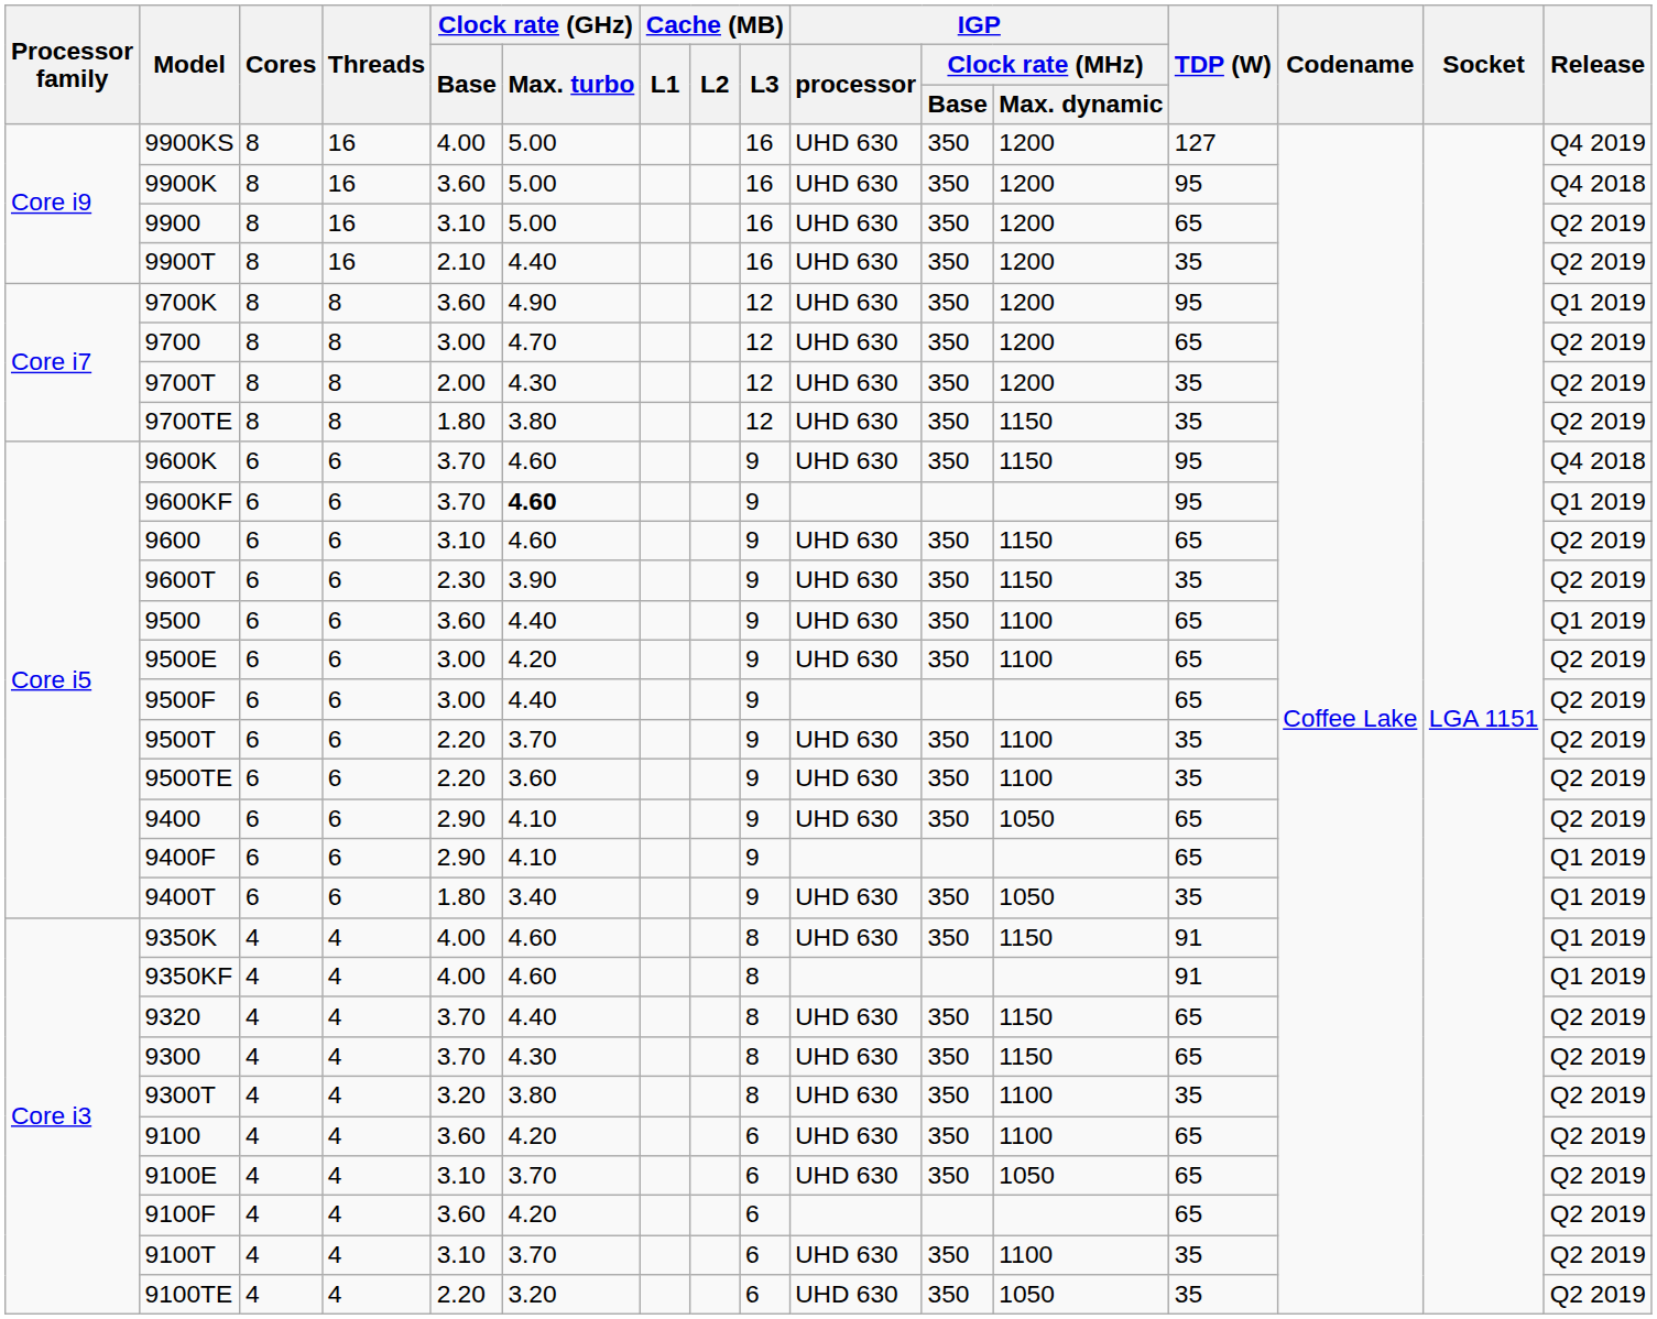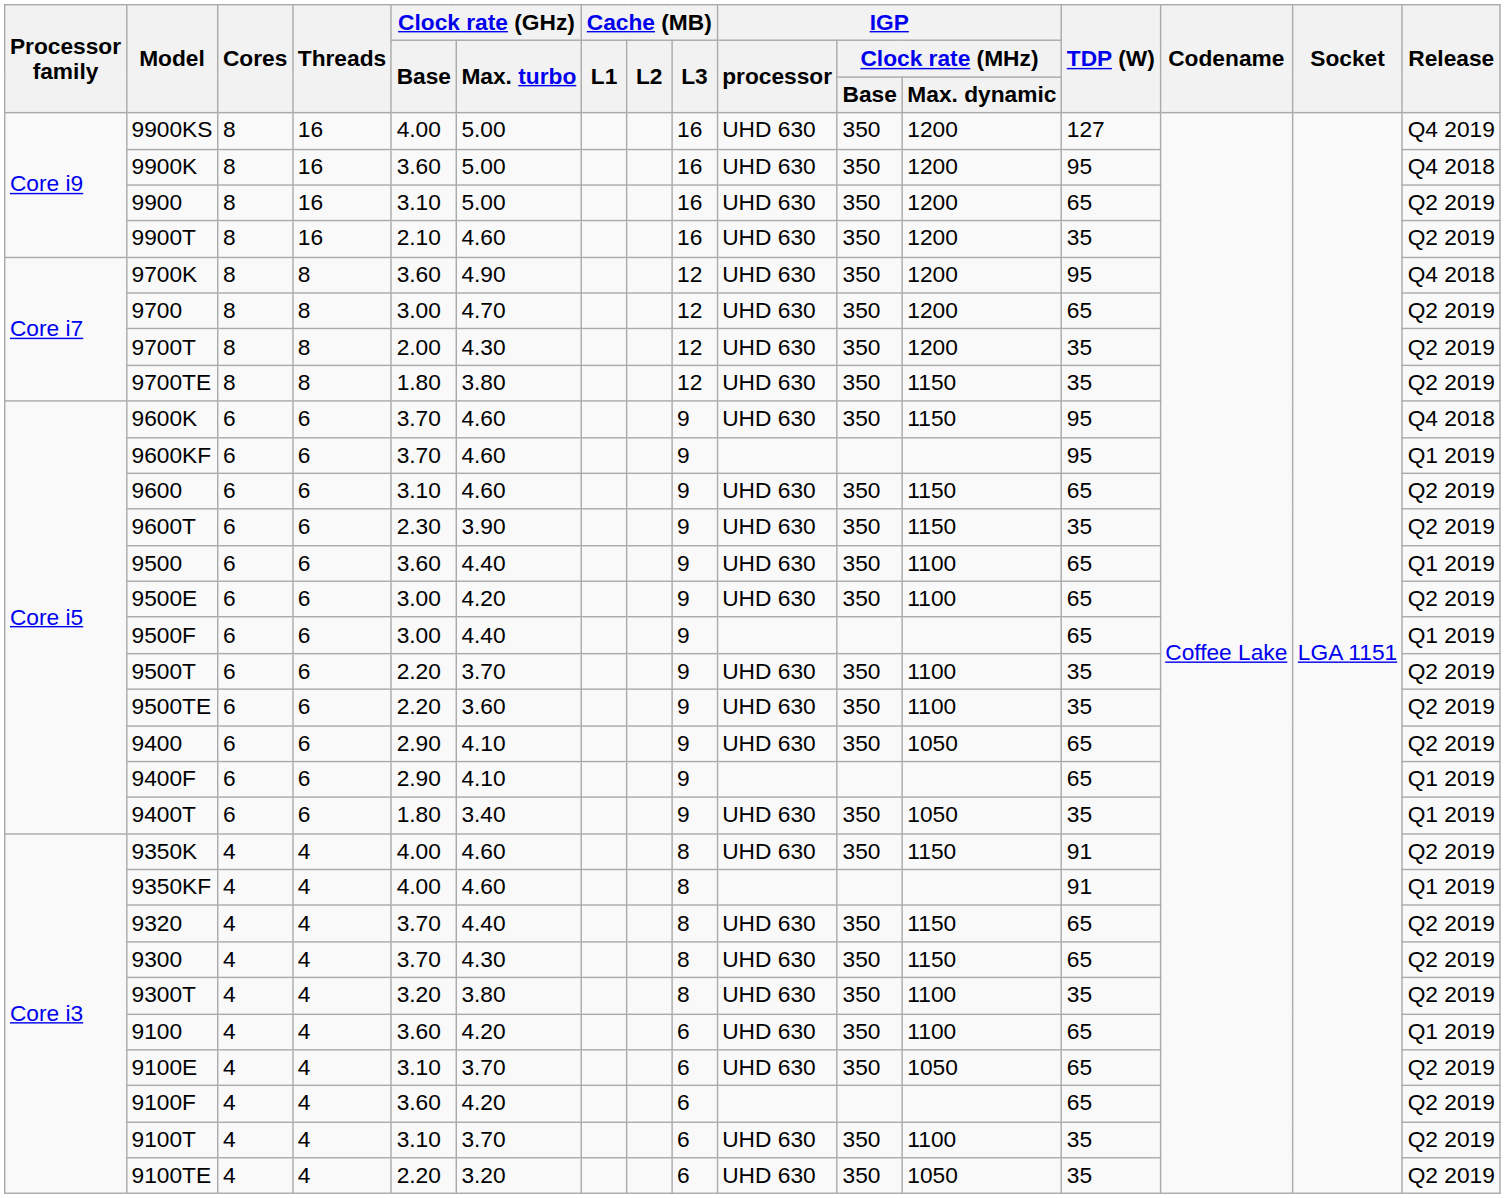 <table class="wikitable center sortable sort-under mw-collapsible">
 <tr>
 <th rowspan=3 data-sort-type=text>Processor <br>family</th>
 <th rowspan=3 data-sort-type=text>Model</th>
 <th rowspan=3 data-sort-type=number>Cores</th>
 <th rowspan=3 data-sort-type=number>Threads</th>
 <th colspan=2><a href='#'>Clock rate</a> (GHz)</th>
 <th colspan=3><a href='#'> Cache</a> (MB)</th>
 <th colspan=3><a href='#'> IGP</a></th>
 <th rowspan=3 data-sort-type=number><a href='#'> TDP</a> (W)</th>
 <th rowspan=3 data-sort-type=text>Code­name</th>
 <th rowspan=3 data-sort-type=text>Socket</th>
 <th rowspan=3 data-sort-type=date>Release</th>
 </tr>
 <tr>
 <th rowspan=2 data-sort-type=number>Base</th>
 <th rowspan=2 data-sort-type=number>Max. <a href='#'> turbo</a></th>
 <th rowspan=2 data-sort-type=number>L1</th>
 <th rowspan=2 data-sort-type=number>L2</th>
 <th rowspan=2 data-sort-type=number>L3</th>
 <th rowspan=2 data-sort-type=text>processor</th>
 <th colspan=2><a href='#'>Clock rate</a> (MHz)</th>
 </tr>
 <tr>
 <th data-sort-type=number>Base</th>
 <th data-sort-type=number>Max. dynamic</th>
 </tr>
 <tr>
 <td rowspan="4"><a href='#'>Core i9</a></td>
 <td>9900KS</td>
 <td>8</td>
 <td>16</td>
 <td>4.00</td>
 <td>5.00</td>
 <td></td>
 <td></td>
 <td>16</td>
 <td>UHD 630</td>
 <td>350</td>
 <td>1200</td>
 <td>127</td>
 <td rowspan="30"><a href='#'>Coffee Lake</a></td>
 <td rowspan="30"><a href='#'>LGA 1151</a></td>
 <td>Q4 2019</td>
 </tr>
 <tr>
 <td>9900K</td>
 <td>8</td>
 <td>16</td>
 <td>3.60</td>
 <td>5.00</td>
 <td></td>
 <td></td>
 <td>16</td>
 <td>UHD 630</td>
 <td>350</td>
 <td>1200</td>
 <td>95</td>
 <td>Q4 2018</td>
 </tr>
 <tr>
 <td>9900</td>
 <td>8</td>
 <td>16</td>
 <td>3.10</td>
 <td 5.00>5.00</td>
 <td></td>
 <td></td>
 <td>16</td>
 <td>UHD 630</td>
 <td>350</td>
 <td>1200</td>
 <td>65</td>
 <td>Q2 2019</td>
 </tr>
 <tr>
 <td>9900T</td>
 <td>8</td>
 <td>16</td>
 <td>2.10</td>
-<td>4.40</td>
+<td>4.60</td>
 <td></td>
 <td></td>
 <td>16</td>
 <td>UHD 630</td>
 <td>350</td>
 <td>1200</td>
 <td>35</td>
 <td>Q2 2019</td>
 </tr>
 <tr>
 <td rowspan="4"><a href='#'>Core i7</a></td>
 <td>9700K</td>
 <td>8</td>
 <td>8</td>
 <td>3.60</td>
 <td>4.90</td>
 <td></td>
 <td></td>
 <td>12</td>
 <td>UHD 630</td>
 <td>350</td>
 <td>1200</td>
 <td>95</td>
-<td>Q1 2019</td>
+<td>Q4 2018</td>
 </tr>
 <tr>
 <td>9700</td>
 <td>8</td>
 <td>8</td>
 <td>3.00</td>
 <td 4.70>4.70</td>
 <td></td>
 <td></td>
 <td>12</td>
 <td>UHD 630</td>
 <td>350</td>
 <td>1200</td>
 <td>65</td>
 <td>Q2 2019</td>
 </tr>
 <tr>
 <td>9700T</td>
 <td>8</td>
 <td>8</td>
 <td>2.00</td>
 <td>4.30</td>
 <td></td>
 <td></td>
 <td>12</td>
 <td>UHD 630</td>
 <td>350</td>
 <td>1200</td>
 <td>35</td>
 <td>Q2 2019</td>
 </tr>
 <tr>
 <td>9700TE</td>
 <td>8</td>
 <td>8</td>
 <td>1.80</td>
 <td>3.80</td>
 <td></td>
 <td></td>
 <td>12</td>
 <td>UHD 630</td>
 <td>350</td>
 <td>1150</td>
 <td>35</td>
 <td>Q2 2019</td>
 </tr>
 <tr>
 <td rowspan="12"><a href='#'>Core i5</a></td>
 <td>9600K</td>
 <td>6</td>
 <td>6</td>
 <td>3.70</td>
 <td>4.60</td>
 <td></td>
 <td></td>
 <td>9</td>
 <td>UHD 630</td>
 <td>350</td>
 <td>1150</td>
 <td>95</td>
 <td>Q4 2018</td>
 </tr>
 <tr>
 <td>9600KF</td>
 <td>6</td>
 <td>6</td>
 <td>3.70</td>
-<td 4.60><strong>4.60</strong></td>
+<td 4.60>4.60</td>
 <td></td>
 <td></td>
 <td>9</td>
 <td></td>
 <td></td>
 <td></td>
 <td>95</td>
 <td>Q1 2019</td>
 </tr>
 <tr>
 <td>9600</td>
 <td>6</td>
 <td>6</td>
 <td>3.10</td>
 <td 4.60>4.60</td>
 <td></td>
 <td></td>
 <td>9</td>
 <td>UHD 630</td>
 <td>350</td>
 <td>1150</td>
 <td>65</td>
 <td>Q2 2019</td>
 </tr>
 <tr>
 <td>9600T</td>
 <td>6</td>
 <td>6</td>
 <td>2.30</td>
 <td>3.90</td>
 <td></td>
 <td></td>
 <td>9</td>
 <td>UHD 630</td>
 <td>350</td>
 <td>1150</td>
 <td>35</td>
 <td>Q2 2019</td>
 </tr>
 <tr>
 <td>9500</td>
 <td>6</td>
 <td>6</td>
 <td>3.60</td>
 <td 4.40>4.40</td>
 <td></td>
 <td></td>
 <td>9</td>
 <td>UHD 630</td>
 <td>350</td>
 <td>1100</td>
 <td>65</td>
 <td>Q1 2019</td>
 </tr>
 <tr>
 <td>9500E</td>
 <td>6</td>
 <td>6</td>
 <td>3.00</td>
 <td>4.20</td>
 <td></td>
 <td></td>
 <td>9</td>
 <td>UHD 630</td>
 <td>350</td>
 <td>1100</td>
 <td>65</td>
 <td>Q2 2019</td>
 </tr>
 <tr>
 <td>9500F</td>
 <td>6</td>
 <td>6</td>
 <td>3.00</td>
 <td>4.40</td>
 <td></td>
 <td></td>
 <td 9>9</td>
 <td></td>
 <td></td>
 <td></td>
 <td>65</td>
-<td>Q2 2019</td>
+<td>Q1 2019</td>
 </tr>
 <tr>
 <td>9500T</td>
 <td>6</td>
 <td>6</td>
 <td>2.20</td>
 <td>3.70</td>
 <td></td>
 <td></td>
 <td>9</td>
 <td>UHD 630</td>
 <td>350</td>
 <td>1100</td>
 <td>35</td>
 <td>Q2 2019</td>
 </tr>
 <tr>
 <td>9500TE</td>
 <td>6</td>
 <td>6</td>
 <td>2.20</td>
 <td>3.60</td>
 <td></td>
 <td></td>
 <td>9</td>
 <td>UHD 630</td>
 <td>350</td>
 <td>1100</td>
 <td>35</td>
 <td>Q2 2019</td>
 </tr>
 <tr>
 <td>9400</td>
 <td>6</td>
 <td>6</td>
 <td>2.90</td>
 <td 4.10>4.10</td>
 <td></td>
 <td></td>
 <td>9</td>
 <td>UHD 630</td>
 <td>350</td>
 <td>1050</td>
 <td>65</td>
 <td>Q2 2019</td>
 </tr>
 <tr>
 <td>9400F</td>
 <td>6</td>
 <td>6</td>
 <td>2.90</td>
 <td>4.10</td>
 <td></td>
 <td></td>
 <td>9</td>
 <td></td>
 <td></td>
 <td></td>
 <td>65</td>
 <td>Q1 2019</td>
 </tr>
 <tr>
 <td>9400T</td>
 <td>6</td>
 <td>6</td>
 <td>1.80</td>
 <td>3.40</td>
 <td></td>
 <td></td>
 <td>9</td>
 <td>UHD 630</td>
 <td>350</td>
 <td>1050</td>
 <td>35</td>
 <td>Q1 2019</td>
 </tr>
 <tr>
 <td rowspan="10"><a href='#'>Core i3</a></td>
 <td>9350K</td>
 <td>4</td>
 <td>4</td>
 <td>4.00</td>
 <td 4.60>4.60</td>
 <td></td>
 <td></td>
 <td>8</td>
 <td>UHD 630</td>
 <td>350</td>
 <td>1150</td>
 <td>91</td>
-<td>Q1 2019</td>
+<td>Q2 2019</td>
 </tr>
 <tr>
 <td>9350KF</td>
 <td>4</td>
 <td>4</td>
 <td>4.00</td>
 <td>4.60</td>
 <td></td>
 <td></td>
 <td>8</td>
 <td></td>
 <td></td>
 <td></td>
 <td>91</td>
 <td>Q1 2019</td>
 </tr>
 <tr>
 <td>9320</td>
 <td>4</td>
 <td>4</td>
 <td>3.70</td>
 <td 4.40>4.40</td>
 <td></td>
 <td></td>
 <td>8</td>
 <td>UHD 630</td>
 <td>350</td>
 <td>1150</td>
 <td>65</td>
 <td>Q2 2019</td>
 </tr>
 <tr>
 <td>9300</td>
 <td>4</td>
 <td>4</td>
 <td>3.70</td>
 <td 4.30>4.30</td>
 <td></td>
 <td></td>
 <td>8</td>
 <td>UHD 630</td>
 <td>350</td>
 <td>1150</td>
 <td>65</td>
 <td>Q2 2019</td>
 </tr>
 <tr>
 <td>9300T</td>
 <td>4</td>
 <td>4</td>
 <td>3.20</td>
 <td>3.80</td>
 <td></td>
 <td></td>
 <td>8</td>
 <td>UHD 630</td>
 <td>350</td>
 <td>1100</td>
 <td>35</td>
 <td>Q2 2019</td>
 </tr>
 <tr>
 <td>9100</td>
 <td>4</td>
 <td>4</td>
 <td>3.60</td>
 <td 4.20>4.20</td>
 <td></td>
 <td></td>
 <td>6</td>
 <td>UHD 630</td>
 <td>350</td>
 <td>1100</td>
 <td>65</td>
-<td>Q2 2019</td>
+<td>Q1 2019</td>
 </tr>
 <tr>
 <td>9100E</td>
 <td>4</td>
 <td>4</td>
 <td>3.10</td>
 <td>3.70</td>
 <td></td>
 <td></td>
 <td>6</td>
 <td>UHD 630</td>
 <td>350</td>
 <td>1050</td>
 <td>65</td>
 <td>Q2 2019</td>
 </tr>
 <tr>
 <td>9100F</td>
 <td>4</td>
 <td>4</td>
 <td>3.60</td>
 <td>4.20</td>
 <td></td>
 <td></td>
 <td>6</td>
 <td></td>
 <td></td>
 <td></td>
 <td>65</td>
 <td>Q2 2019</td>
 </tr>
 <tr>
 <td>9100T</td>
 <td>4</td>
 <td>4</td>
 <td>3.10</td>
 <td>3.70</td>
 <td></td>
 <td></td>
 <td>6</td>
 <td>UHD 630</td>
 <td>350</td>
 <td>1100</td>
 <td>35</td>
 <td>Q2 2019</td>
 </tr>
 <tr>
 <td>9100TE</td>
 <td>4</td>
 <td>4</td>
 <td>2.20</td>
 <td>3.20</td>
 <td></td>
 <td></td>
 <td>6</td>
 <td>UHD 630</td>
 <td>350</td>
 <td>1050</td>
 <td>35</td>
 <td>Q2 2019</td>
 </tr>
 </table>
